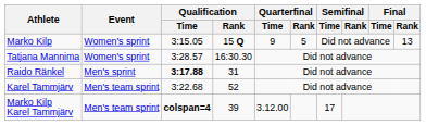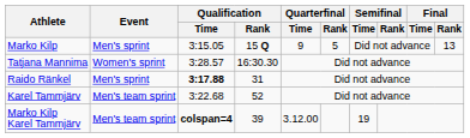 <table class="wikitable" style="font-size:90%">
 <tr>
 <th rowspan="2">Athlete</th>
 <th rowspan="2">Event</th>
 <th colspan="2">Qualification</th>
 <th colspan="2">Quarterfinal</th>
 <th colspan="2">Semifinal</th>
 <th colspan="2">Final</th>
 </tr>
 <tr style="font-size:95%">
 <th>Time</th>
 <th>Rank</th>
 <th>Time</th>
 <th>Rank</th>
 <th>Time</th>
 <th>Rank</th>
 <th>Time</th>
 <th>Rank</th>
 </tr>
 <tr align=center>
 <td align=left><a href='#'>Marko Kilp</a></td>
-<td align=left><a href='#'>Women's sprint</a></td>
+<td align=left><a href='#'>Men's sprint</a></td>
 <td>3:15.05</td>
 <td>15 <strong>Q</strong></td>
 <td>9</td>
 <td>5</td>
 <td colspan=3>Did not advance</td>
 <td>13</td>
 </tr>
 <tr align=center>
 <td align=left><a href='#'>Tatjana Mannima</a></td>
 <td align=left><a href='#'>Women's sprint</a></td>
 <td>3:28.57</td>
 <td>16:30.30</td>
 <td colspan=6>Did not advance</td>
 </tr>
 <tr align=center>
 <td align=left><a href='#'>Raido Ränkel</a></td>
 <td align=left><a href='#'>Men's sprint</a></td>
 <td><strong>3:17.88</strong></td>
 <td>31</td>
 <td colspan=6>Did not advance</td>
 </tr>
 <tr align=center>
 <td align=left><a href='#'>Karel Tammjärv</a></td>
 <td align=left><a href='#'>Men's team sprint</a></td>
 <td>3:22.68</td>
 <td>52</td>
 <td colspan=6>Did not advance</td>
 </tr>
 <tr align=center>
 <td align=left><a href='#'>Marko Kilp</a><br><a href='#'>Karel Tammjärv</a></td>
 <td align=left><a href='#'>Men's team sprint</a></td>
 <td><strong>colspan=4 </strong></td>
 <td>39</td>
 <td>3.12.00</td>
 <td></td>
-<td>17</td>
+<td>19</td>
 </tr>
 </table>
